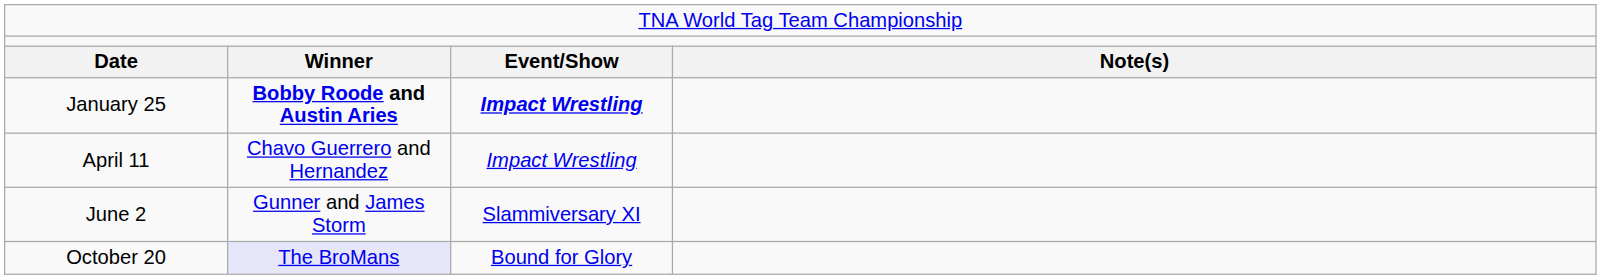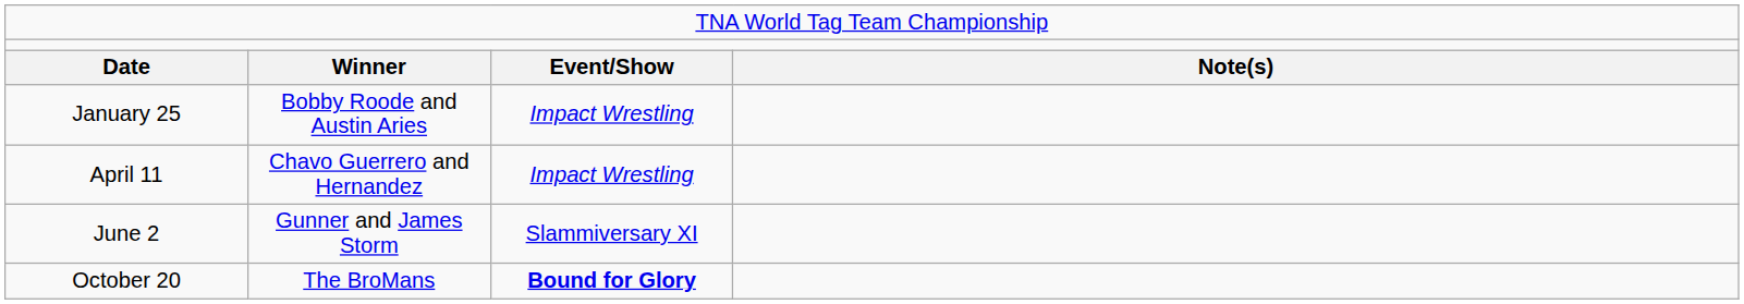 <table class="wikitable" style="text-align:center; width:100%;">
 <tr>
 <td colspan="5"><a href='#'>TNA World Tag Team Championship</a></td>
 </tr>
 <tr>
 <td colspan="5"><strong></strong></td>
 </tr>
 <tr>
 <th width="14%">Date</th>
 <th width="14%">Winner</th>
 <th width="14%">Event/Show</th>
 <th width="58%">Note(s)</th>
 </tr>
 <tr>
 <td>January 25</td>
-<td><strong><a href='#'>Bobby Roode</a> and <a href='#'>Austin Aries</a></strong></td>
-<td><strong><em><a href='#'>Impact Wrestling</a></em></strong></td>
+<td><a href='#'>Bobby Roode</a> and <a href='#'>Austin Aries</a></td>
+<td><em><a href='#'>Impact Wrestling</a></em></td>
 <td></td>
 </tr>
 <tr>
 <td>April 11</td>
 <td><a href='#'>Chavo Guerrero</a> and <a href='#'>Hernandez</a></td>
 <td><em><a href='#'>Impact Wrestling</a></em></td>
 <td></td>
 </tr>
 <tr>
 <td>June 2</td>
 <td><a href='#'>Gunner</a> and <a href='#'>James Storm</a></td>
 <td><a href='#'>Slammiversary XI</a></td>
 <td></td>
 </tr>
 <tr>
 <td>October 20</td>
-<td style="background: lavender;"><a href='#'>The BroMans</a><br></td>
-<td><a href='#'>Bound for Glory</a></td>
+<td><a href='#'>The BroMans</a><br></td>
+<td><strong><a href='#'>Bound for Glory</a></strong></td>
 <td></td>
 </tr>
 </table>
